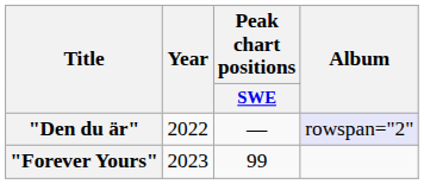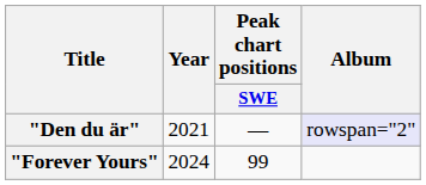 <table class="wikitable plainrowheaders" style="text-align:center;">
 <tr>
 <th scope="col" rowspan="2">Title</th>
 <th scope="col" rowspan="2">Year</th>
 <th scope="col" colspan="1">Peak chart positions</th>
 <th scope="col" rowspan="2">Album</th>
 </tr>
 <tr>
 <th scope="col" style="width:3em;font-size:85%;"><a href='#'>SWE</a><br></th>
 </tr>
 <tr>
 <th scope="row">"Den du är"</th>
-<td>2022</td>
+<td>2021</td>
 <td>—</td>
 <td style="background: lavender;">rowspan="2" </td>
 </tr>
 <tr>
 <th scope="row">"Forever Yours"</th>
-<td>2023</td>
+<td>2024</td>
 <td>99</td>
 </tr>
 </table>
